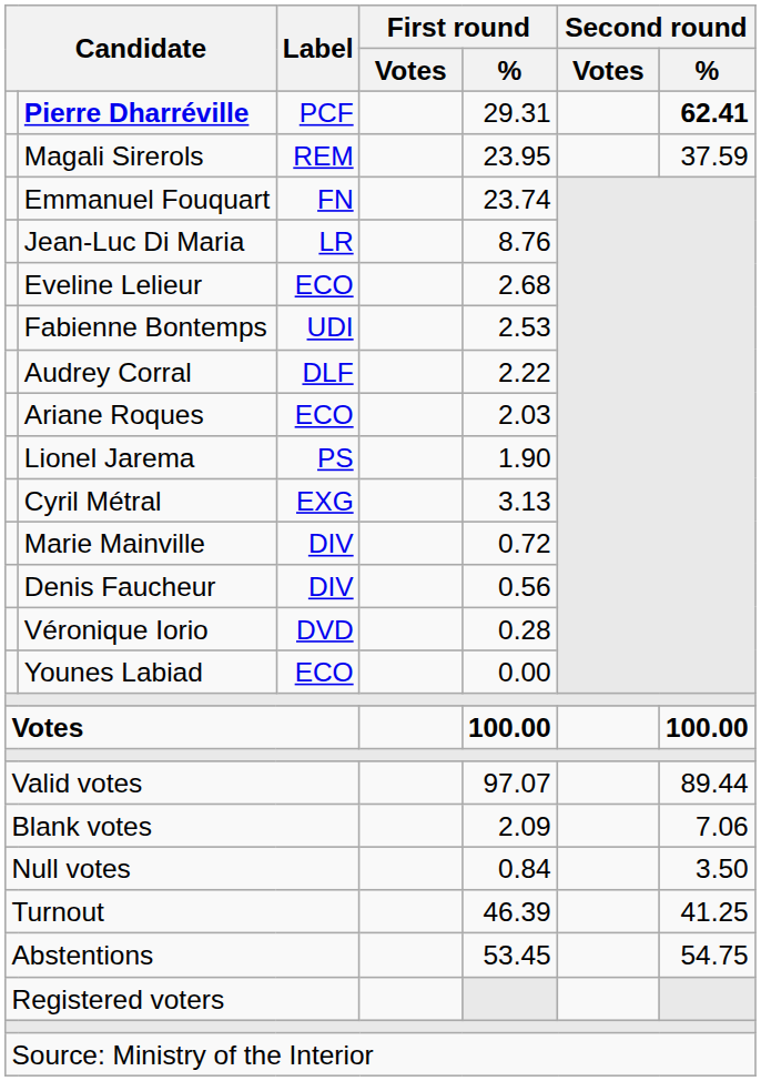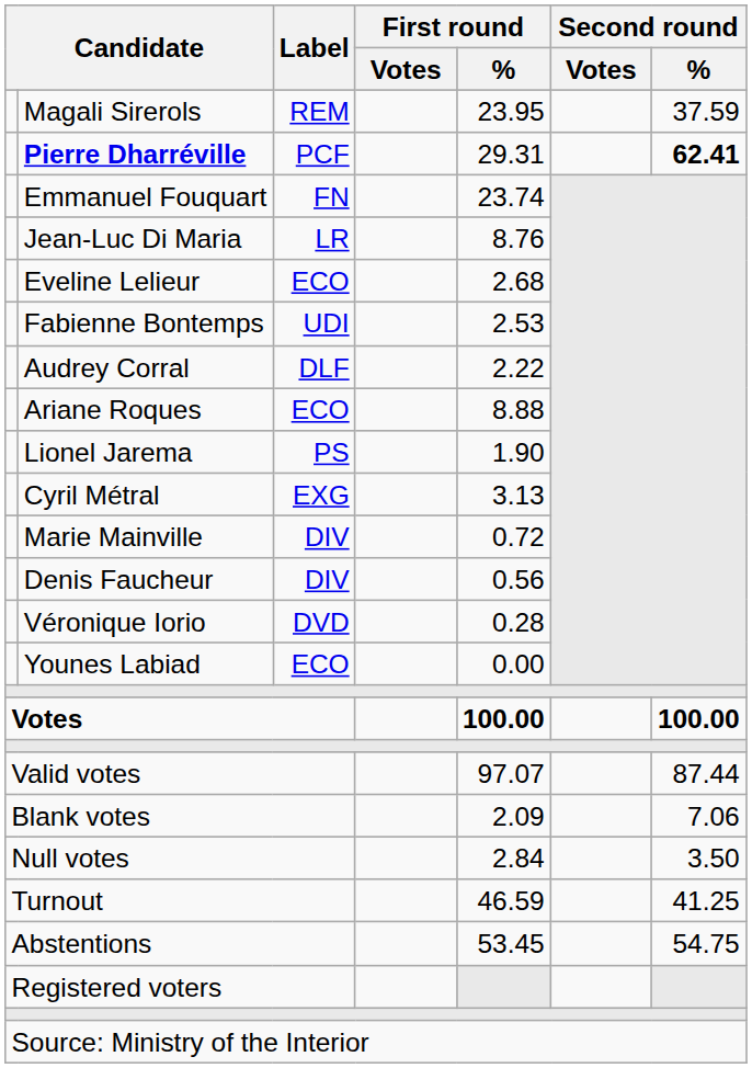 <table class="wikitable" style="text-align:right;font-size:95%;">
 <tr>
 <th rowspan="2" colspan="2">Candidate</th>
 <th rowspan="2">Label</th>
 <th colspan="2">First round</th>
 <th colspan="2">Second round</th>
 </tr>
 <tr>
 <th style="width:50px;">Votes</th>
 <th style="width:45px;">%</th>
 <th style="width:50px;">Votes</th>
 <th style="width:45px;">%</th>
 </tr>
 <tr>
 <td style="color:inherit;background:"></td>
+<td style="text-align:left;">Magali Sirerols</td>
+<td><a href='#'>REM</a></td>
+<td></td>
+<td>23.95</td>
+<td></td>
+<td>37.59</td>
+</tr>
+<tr>
+<td style="color:inherit;background:"></td>
 <td style="text-align:left;"><strong><a href='#'>Pierre Dharréville</a></strong></td>
 <td><a href='#'>PCF</a></td>
 <td></td>
 <td>29.31</td>
 <td><strong></strong></td>
 <td><strong>62.41</strong></td>
-</tr>
-<tr>
-<td style="color:inherit;background:"></td>
-<td style="text-align:left;">Magali Sirerols</td>
-<td><a href='#'>REM</a></td>
-<td></td>
-<td>23.95</td>
-<td></td>
-<td>37.59</td>
 </tr>
 <tr>
 <td style="color:inherit;background:"></td>
 <td style="text-align:left;">Emmanuel Fouquart</td>
 <td><a href='#'>FN</a></td>
 <td></td>
 <td>23.74</td>
 <td colspan="2" rowspan="12" style="background:#E9E9E9;"></td>
 </tr>
 <tr>
 <td style="color:inherit;background:"></td>
 <td style="text-align:left;">Jean-Luc Di Maria</td>
 <td><a href='#'>LR</a></td>
 <td></td>
 <td>8.76</td>
 </tr>
 <tr>
 <td style="color:inherit;background:"></td>
 <td style="text-align:left;">Eveline Lelieur</td>
 <td><a href='#'>ECO</a></td>
 <td></td>
 <td>2.68</td>
 </tr>
 <tr>
 <td style="color:inherit;background:"></td>
 <td style="text-align:left;">Fabienne Bontemps</td>
 <td><a href='#'>UDI</a></td>
 <td></td>
 <td>2.53</td>
 </tr>
 <tr>
 <td style="color:inherit;background:"></td>
 <td style="text-align:left;">Audrey Corral</td>
 <td><a href='#'>DLF</a></td>
 <td></td>
 <td>2.22</td>
 </tr>
 <tr>
 <td style="color:inherit;background:"></td>
 <td style="text-align:left;">Ariane Roques</td>
 <td><a href='#'>ECO</a></td>
 <td></td>
-<td>2.03</td>
+<td>8.88</td>
 </tr>
 <tr>
 <td style="color:inherit;background:"></td>
 <td style="text-align:left;">Lionel Jarema</td>
 <td><a href='#'>PS</a></td>
 <td></td>
 <td>1.90</td>
 </tr>
 <tr>
 <td style="color:inherit;background:"></td>
 <td style="text-align:left;">Cyril Métral</td>
 <td><a href='#'>EXG</a></td>
 <td></td>
 <td>3.13</td>
 </tr>
 <tr>
 <td style="color:inherit;background:"></td>
 <td style="text-align:left;">Marie Mainville</td>
 <td><a href='#'>DIV</a></td>
 <td></td>
 <td>0.72</td>
 </tr>
 <tr>
 <td style="color:inherit;background:"></td>
 <td style="text-align:left;">Denis Faucheur</td>
 <td><a href='#'>DIV</a></td>
 <td></td>
 <td>0.56</td>
 </tr>
 <tr>
 <td style="color:inherit;background:"></td>
 <td style="text-align:left;">Véronique Iorio</td>
 <td><a href='#'>DVD</a></td>
 <td></td>
 <td>0.28</td>
 </tr>
 <tr>
 <td style="color:inherit;background:"></td>
 <td style="text-align:left;">Younes Labiad</td>
 <td><a href='#'>ECO</a></td>
 <td></td>
 <td>0.00</td>
 </tr>
 <tr>
 <td colspan="7" style="background:#E9E9E9;"></td>
 </tr>
 <tr style="font-weight:bold;">
 <td colspan="3" style="text-align:left;">Votes</td>
 <td></td>
 <td>100.00</td>
 <td></td>
 <td>100.00</td>
 </tr>
 <tr>
 <td colspan="7" style="background:#E9E9E9;"></td>
 </tr>
 <tr>
 <td colspan="3" style="text-align:left;">Valid votes</td>
 <td></td>
 <td>97.07</td>
 <td></td>
-<td>89.44</td>
+<td>87.44</td>
 </tr>
 <tr>
 <td colspan="3" style="text-align:left;">Blank votes</td>
 <td></td>
 <td>2.09</td>
 <td></td>
 <td>7.06</td>
 </tr>
 <tr>
 <td colspan="3" style="text-align:left;">Null votes</td>
 <td></td>
-<td>0.84</td>
+<td>2.84</td>
 <td></td>
 <td>3.50</td>
 </tr>
 <tr>
 <td colspan="3" style="text-align:left;">Turnout</td>
 <td></td>
-<td>46.39</td>
+<td>46.59</td>
 <td></td>
 <td>41.25</td>
 </tr>
 <tr>
 <td colspan="3" style="text-align:left;">Abstentions</td>
 <td></td>
 <td>53.45</td>
 <td></td>
 <td>54.75</td>
 </tr>
 <tr>
 <td colspan="3" style="text-align:left;">Registered voters</td>
 <td></td>
 <td style="color:inherit;background:#E9E9E9;"></td>
 <td></td>
 <td style="color:inherit;background:#E9E9E9;"></td>
 </tr>
 <tr>
 <td colspan="7" style="background:#E9E9E9;"></td>
 </tr>
 <tr>
 <td colspan="7" style="text-align:left;">Source: Ministry of the Interior</td>
 </tr>
 </table>
